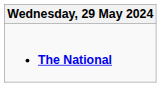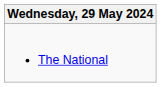 <table class="wikitable">
 <tr>
 <th>Wednesday, 29 May 2024</th>
 </tr>
 <tr>
-<td><strong><br><ul><li><a href='#'>The National</a></li></ul></strong></td>
+<td><br><ul><li><a href='#'>The National</a></li></ul></td>
 </tr>
 </table>
